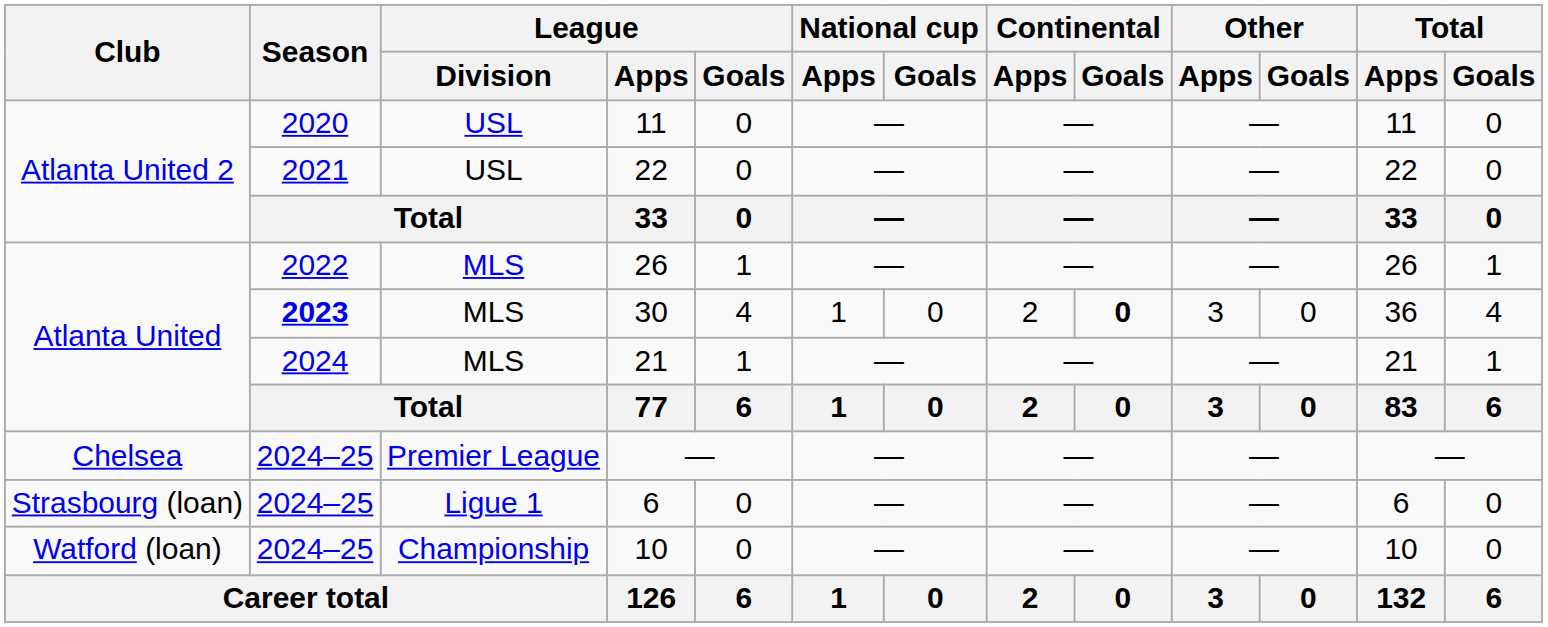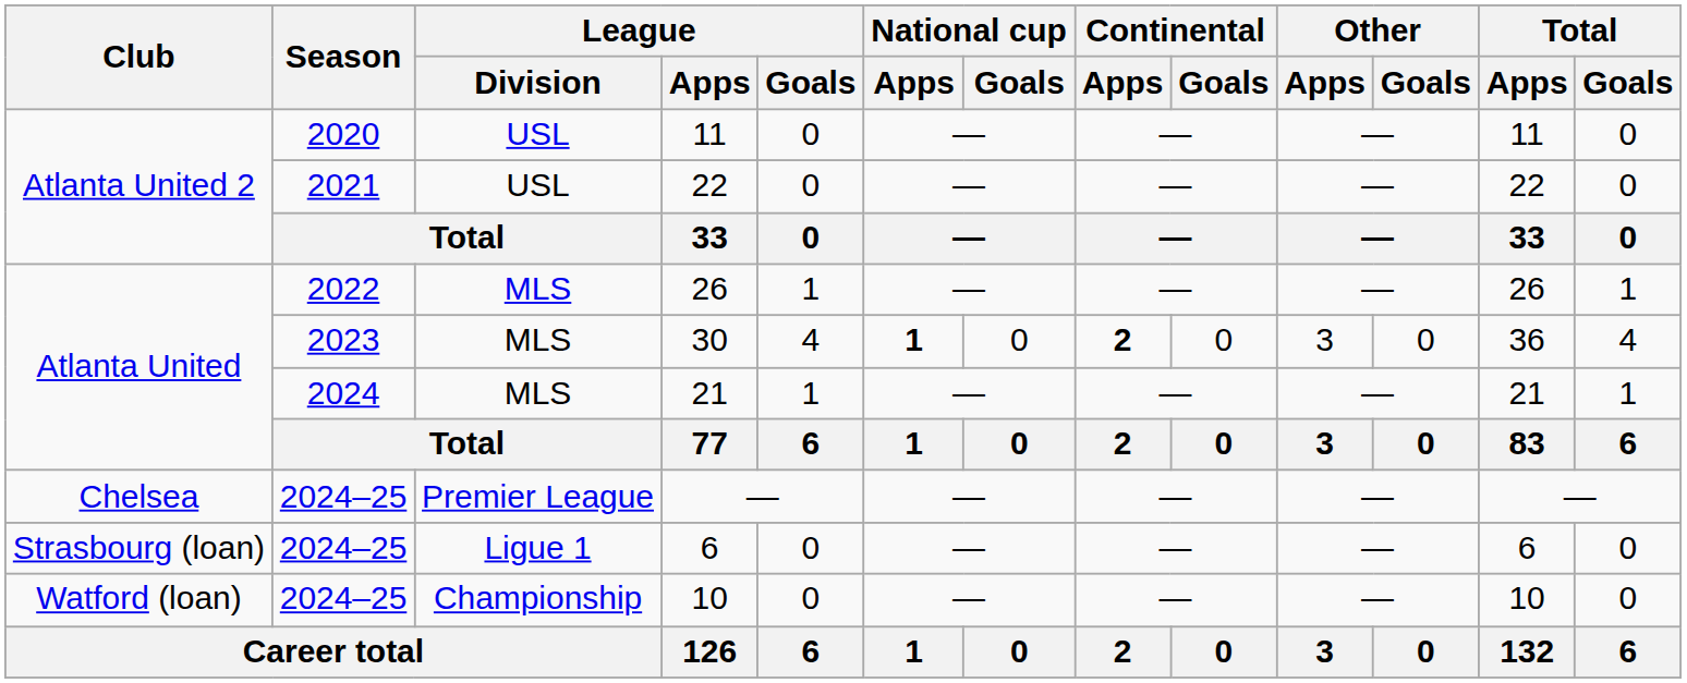 <table class=wikitable style=text-align:center>
 <tr>
 <th rowspan=2>Club</th>
 <th rowspan=2>Season</th>
 <th colspan=3>League</th>
 <th colspan=2>National cup</th>
 <th colspan=2>Continental</th>
 <th colspan=2>Other</th>
 <th colspan=2>Total</th>
 </tr>
 <tr>
 <th>Division</th>
 <th>Apps</th>
 <th>Goals</th>
 <th>Apps</th>
 <th>Goals</th>
 <th>Apps</th>
 <th>Goals</th>
 <th>Apps</th>
 <th>Goals</th>
 <th>Apps</th>
 <th>Goals</th>
 </tr>
 <tr>
 <td rowspan=3><a href='#'>Atlanta United 2</a></td>
 <td><a href='#'>2020</a></td>
 <td><a href='#'>USL</a></td>
 <td>11</td>
 <td>0</td>
 <td colspan=2>—</td>
 <td colspan=2>—</td>
 <td colspan=2>—</td>
 <td>11</td>
 <td>0</td>
 </tr>
 <tr>
 <td><a href='#'>2021</a></td>
 <td>USL</td>
 <td>22</td>
 <td>0</td>
 <td colspan=2>—</td>
 <td colspan=2>—</td>
 <td colspan=2>—</td>
 <td>22</td>
 <td>0</td>
 </tr>
 <tr>
 <th colspan=2>Total</th>
 <th>33</th>
 <th>0</th>
 <th colspan=2>—</th>
 <th colspan=2>—</th>
 <th colspan=2>—</th>
 <th>33</th>
 <th>0</th>
 </tr>
 <tr>
 <td rowspan=4><a href='#'>Atlanta United</a></td>
 <td><a href='#'>2022</a></td>
 <td><a href='#'>MLS</a></td>
 <td>26</td>
 <td>1</td>
 <td colspan=2>—</td>
 <td colspan=2>—</td>
 <td colspan=2>—</td>
 <td>26</td>
 <td>1</td>
 </tr>
 <tr>
-<td><strong><a href='#'>2023</a></strong></td>
+<td><a href='#'>2023</a></td>
 <td>MLS</td>
 <td>30</td>
 <td>4</td>
-<td>1</td>
+<td><strong>1</strong></td>
 <td>0</td>
-<td>2</td>
-<td><strong>0</strong></td>
+<td><strong>2</strong></td>
+<td>0</td>
 <td>3</td>
 <td>0</td>
 <td>36</td>
 <td>4</td>
 </tr>
 <tr>
 <td><a href='#'>2024</a></td>
 <td>MLS</td>
 <td>21</td>
 <td>1</td>
 <td colspan=2>—</td>
 <td colspan=2>—</td>
 <td colspan=2>—</td>
 <td>21</td>
 <td>1</td>
 </tr>
 <tr>
 <th colspan=2>Total</th>
 <th>77</th>
 <th>6</th>
 <th>1</th>
 <th>0</th>
 <th>2</th>
 <th>0</th>
 <th>3</th>
 <th>0</th>
 <th>83</th>
 <th>6</th>
 </tr>
 <tr>
 <td><a href='#'>Chelsea</a></td>
 <td><a href='#'>2024–25</a></td>
 <td><a href='#'>Premier League</a></td>
 <td colspan=2>—</td>
 <td colspan=2>—</td>
 <td colspan=2>—</td>
 <td colspan=2>—</td>
 <td colspan=2>—</td>
 </tr>
 <tr>
 <td><a href='#'>Strasbourg</a> (loan)</td>
 <td><a href='#'>2024–25</a></td>
 <td><a href='#'>Ligue 1</a></td>
 <td>6</td>
 <td>0</td>
 <td colspan=2>—</td>
 <td colspan=2>—</td>
 <td colspan=2>—</td>
 <td>6</td>
 <td>0</td>
 </tr>
 <tr>
 <td><a href='#'>Watford</a> (loan)</td>
 <td><a href='#'>2024–25</a></td>
 <td><a href='#'>Championship</a></td>
 <td>10</td>
 <td>0</td>
 <td colspan=2>—</td>
 <td colspan=2>—</td>
 <td colspan=2>—</td>
 <td>10</td>
 <td>0</td>
 </tr>
 <tr>
 <th colspan="3">Career total</th>
 <th>126</th>
 <th>6</th>
 <th>1</th>
 <th>0</th>
 <th>2</th>
 <th>0</th>
 <th>3</th>
 <th>0</th>
 <th>132</th>
 <th>6</th>
 </tr>
 </table>
